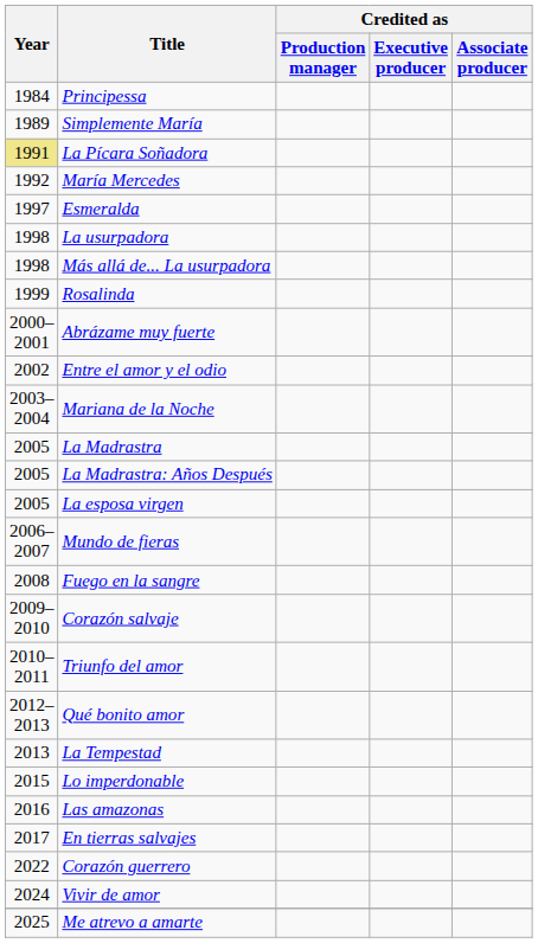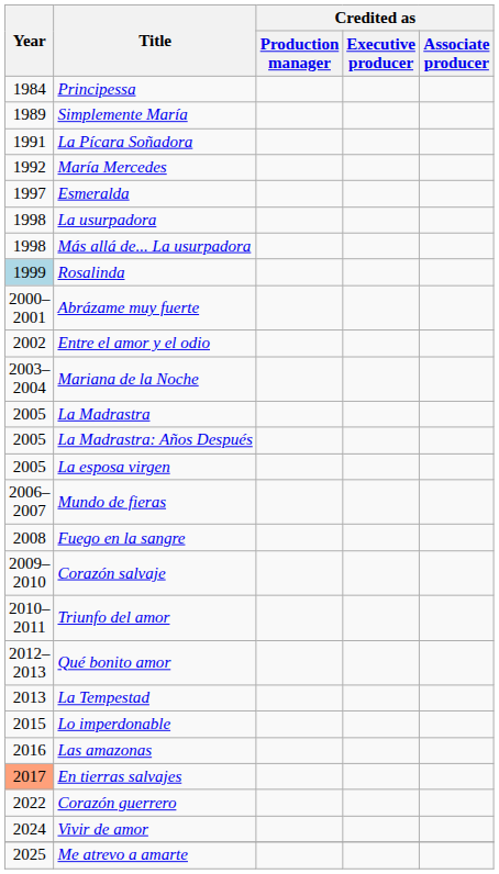 <table class="wikitable">
 <tr>
 <th rowspan="2" style="width:33px;">Year</th>
 <th rowspan="2">Title</th>
 <th colspan="6">Credited as</th>
 </tr>
 <tr>
 <th width=65><a href='#'>Production manager</a></th>
 <th width=65><a href='#'>Executive producer</a></th>
 <th width=65><a href='#'>Associate producer</a></th>
 </tr>
 <tr style="text-align:center;">
 <td>1984</td>
 <td style="text-align:left;"><em><a href='#'>Principessa</a></em></td>
 <td></td>
 <td></td>
 <td></td>
 </tr>
 <tr style="text-align:center;">
 <td>1989</td>
 <td style="text-align:left;"><em><a href='#'>Simplemente María</a></em></td>
 <td></td>
 <td></td>
 <td></td>
 </tr>
 <tr style="text-align:center;">
-<td style="background: khaki;">1991</td>
+<td>1991</td>
 <td style="text-align:left;"><em><a href='#'>La Pícara Soñadora</a></em></td>
 <td></td>
 <td></td>
 <td></td>
 </tr>
 <tr style="text-align:center;">
 <td>1992</td>
 <td style="text-align:left;"><em><a href='#'>María Mercedes</a></em></td>
 <td></td>
 <td></td>
 <td></td>
 </tr>
 <tr style="text-align:center;">
 <td>1997</td>
 <td style="text-align:left;"><em><a href='#'>Esmeralda</a></em></td>
 <td></td>
 <td></td>
 <td></td>
 </tr>
 <tr style="text-align:center;">
 <td>1998</td>
 <td style="text-align:left;"><em><a href='#'>La usurpadora</a></em></td>
 <td></td>
 <td></td>
 <td></td>
 </tr>
 <tr style="text-align:center;">
 <td>1998</td>
 <td style="text-align:left;"><em><a href='#'>Más allá de... La usurpadora</a></em></td>
 <td></td>
 <td></td>
 <td></td>
 </tr>
 <tr style="text-align:center;">
-<td>1999</td>
+<td style="background: lightblue;">1999</td>
 <td style="text-align:left;"><em><a href='#'>Rosalinda</a></em></td>
 <td></td>
 <td></td>
 <td></td>
 </tr>
 <tr style="text-align:center;">
 <td>2000–2001</td>
 <td style="text-align:left;"><em><a href='#'>Abrázame muy fuerte</a></em></td>
 <td></td>
 <td></td>
 <td></td>
 </tr>
 <tr style="text-align:center;">
 <td>2002</td>
 <td style="text-align:left;"><em><a href='#'>Entre el amor y el odio</a></em></td>
 <td></td>
 <td></td>
 <td></td>
 </tr>
 <tr style="text-align:center;">
 <td>2003–2004</td>
 <td style="text-align:left;"><em><a href='#'>Mariana de la Noche</a></em></td>
 <td></td>
 <td></td>
 <td></td>
 </tr>
 <tr style="text-align:center;">
 <td>2005</td>
 <td style="text-align:left;"><em><a href='#'>La Madrastra</a></em></td>
 <td></td>
 <td></td>
 <td></td>
 </tr>
 <tr style="text-align:center;">
 <td>2005</td>
 <td style="text-align:left;"><em><a href='#'>La Madrastra: Años Después</a></em></td>
 <td></td>
 <td></td>
 <td></td>
 </tr>
 <tr style="text-align:center;">
 <td>2005</td>
 <td style="text-align:left;"><em><a href='#'>La esposa virgen</a></em></td>
 <td></td>
 <td></td>
 <td></td>
 </tr>
 <tr style="text-align:center;">
 <td>2006–2007</td>
 <td style="text-align:left;"><em><a href='#'>Mundo de fieras</a></em></td>
 <td></td>
 <td></td>
 <td></td>
 </tr>
 <tr style="text-align:center;">
 <td>2008</td>
 <td style="text-align:left;"><em><a href='#'>Fuego en la sangre</a></em></td>
 <td></td>
 <td></td>
 <td></td>
 </tr>
 <tr style="text-align:center;">
 <td>2009–2010</td>
 <td style="text-align:left;"><em><a href='#'>Corazón salvaje</a></em></td>
 <td></td>
 <td></td>
 <td></td>
 </tr>
 <tr style="text-align:center;">
 <td>2010–2011</td>
 <td style="text-align:left;"><em><a href='#'>Triunfo del amor</a></em></td>
 <td></td>
 <td></td>
 <td></td>
 </tr>
 <tr style="text-align:center;">
 <td>2012–2013</td>
 <td style="text-align:left;"><em><a href='#'>Qué bonito amor</a></em></td>
 <td></td>
 <td></td>
 <td></td>
 </tr>
 <tr style="text-align:center;">
 <td>2013</td>
 <td style="text-align:left;"><em><a href='#'>La Tempestad</a></em></td>
 <td></td>
 <td></td>
 <td></td>
 </tr>
 <tr style="text-align:center;">
 <td>2015</td>
 <td style="text-align:left;"><em><a href='#'>Lo imperdonable</a></em></td>
 <td></td>
 <td></td>
 <td></td>
 </tr>
 <tr style="text-align:center;">
 <td>2016</td>
 <td style="text-align:left;"><em><a href='#'>Las amazonas</a></em></td>
 <td></td>
 <td></td>
 <td></td>
 </tr>
 <tr style="text-align:center;">
-<td>2017</td>
+<td style="background: lightsalmon;">2017</td>
 <td style="text-align:left;"><em><a href='#'>En tierras salvajes</a></em></td>
 <td></td>
 <td></td>
 <td></td>
 </tr>
 <tr style="text-align:center;">
 <td>2022</td>
 <td style="text-align:left;"><em><a href='#'>Corazón guerrero</a></em></td>
 <td></td>
 <td></td>
 <td></td>
 </tr>
 <tr style="text-align:center;">
 <td>2024</td>
 <td style="text-align:left;"><em><a href='#'>Vivir de amor</a></em></td>
 <td></td>
 <td></td>
 <td></td>
 </tr>
 <tr>
 </tr>
 <tr style="text-align:center;">
 <td>2025</td>
 <td style="text-align:left;"><em><a href='#'>Me atrevo a amarte</a></em></td>
 <td></td>
 <td></td>
 <td></td>
 </tr>
 </table>
